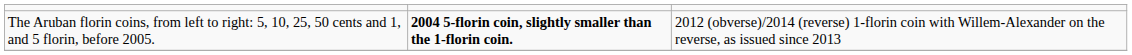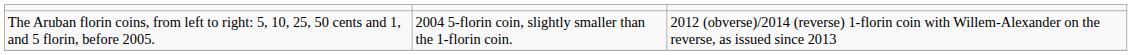 <table class="wikitable">
 <tr>
 <td style="text-align:center"></td>
 <td style="text-align:center"></td>
 <td style="text-align:center"></td>
 </tr>
 <tr>
 <td>The Aruban florin coins, from left to right: 5, 10, 25, 50 cents and 1,  and 5 florin, before 2005.</td>
-<td><strong>2004 5-florin coin, slightly smaller than the 1-florin coin.</strong></td>
+<td>2004 5-florin coin, slightly smaller than the 1-florin coin.</td>
 <td>2012 (obverse)/2014 (reverse) 1-florin coin with Willem-Alexander on the reverse, as issued since 2013</td>
 </tr>
 <tr>
 </tr>
 </table>
